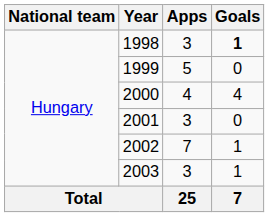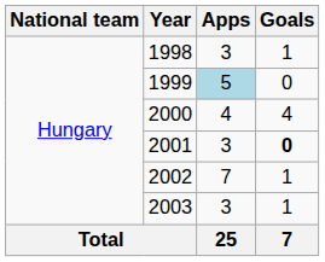 <table class="wikitable" style="text-align:center">
 <tr>
 <th>National team</th>
 <th>Year</th>
 <th>Apps</th>
 <th>Goals</th>
 </tr>
 <tr>
 <td rowspan="6"><a href='#'>Hungary</a></td>
 <td>1998</td>
 <td>3</td>
-<td><strong>1</strong></td>
+<td>1</td>
 </tr>
 <tr>
 <td>1999</td>
-<td>5</td>
+<td style="background: lightblue;">5</td>
 <td>0</td>
 </tr>
 <tr>
 <td>2000</td>
 <td>4</td>
 <td>4</td>
 </tr>
 <tr>
 <td>2001</td>
 <td>3</td>
-<td>0</td>
+<td><strong>0</strong></td>
 </tr>
 <tr>
 <td>2002</td>
 <td>7</td>
 <td>1</td>
 </tr>
 <tr>
 <td>2003</td>
 <td>3</td>
 <td>1</td>
 </tr>
 <tr>
 <th colspan="2">Total</th>
 <th>25</th>
 <th>7</th>
 </tr>
 </table>
